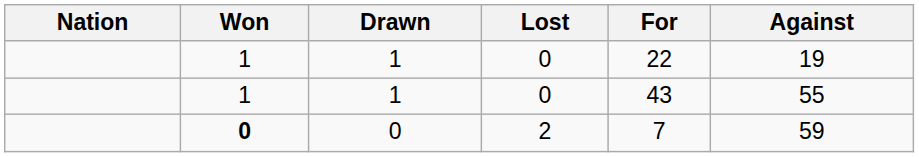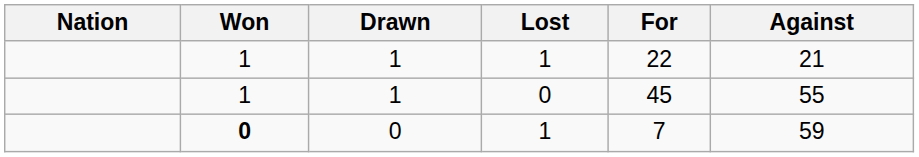 <table class="wikitable" style="width:50%;text-align:center">
 <tr>
 <th>Nation</th>
 <th>Won</th>
 <th>Drawn</th>
 <th>Lost</th>
 <th>For</th>
 <th>Against</th>
 </tr>
 <tr>
 <td align=left></td>
 <td>1</td>
 <td>1</td>
-<td>0</td>
+<td>1</td>
 <td>22</td>
-<td>19</td>
+<td>21</td>
 </tr>
 <tr>
 <td align=left></td>
 <td>1</td>
 <td>1</td>
 <td>0</td>
-<td>43</td>
+<td>45</td>
 <td>55</td>
 </tr>
 <tr>
 <td align=left></td>
 <td><strong>0</strong></td>
 <td>0</td>
-<td>2</td>
+<td>1</td>
 <td>7</td>
 <td>59</td>
 </tr>
 </table>
